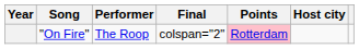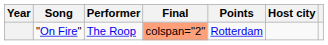 <table class="wikitable plainrowheaders" style="font-size: 95%">
 <tr>
 <th scope="col">Year</th>
 <th scope="col">Song</th>
 <th scope="col">Performer</th>
 <th scope="col">Final</th>
 <th scope="col">Points</th>
 <th scope="col">Host city</th>
 <th scope="col"></th>
 </tr>
 <tr>
 <th scope="row"></th>
 <td>"<a href='#'>On Fire</a>"</td>
 <td><a href='#'>The Roop</a></td>
-<td>colspan="2" </td>
-<td style="background: pink;"> <a href='#'>Rotterdam</a></td>
+<td style="background: lightsalmon;">colspan="2" </td>
+<td> <a href='#'>Rotterdam</a></td>
 <td style="text-align: center;"></td>
 </tr>
 </table>
